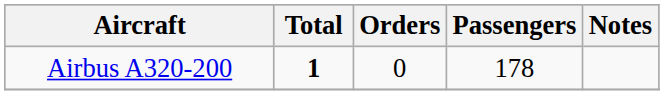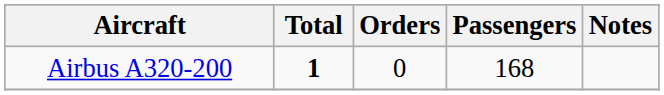 <table class="wikitable" style="text-align:center">
 <tr>
 <th style="width:155px;">Aircraft</th>
 <th style="width:40px;">Total</th>
 <th style="width:40px;">Orders</th>
 <th class="unsortable">Passengers</th>
 <th style=″width:40px,″>Notes</th>
 </tr>
 <tr>
 <td><a href='#'>Airbus A320-200</a></td>
 <td><strong>1</strong></td>
 <td>0</td>
-<td>178</td>
+<td>168</td>
 <td></td>
 </tr>
 <tr>
 </tr>
 </table>
